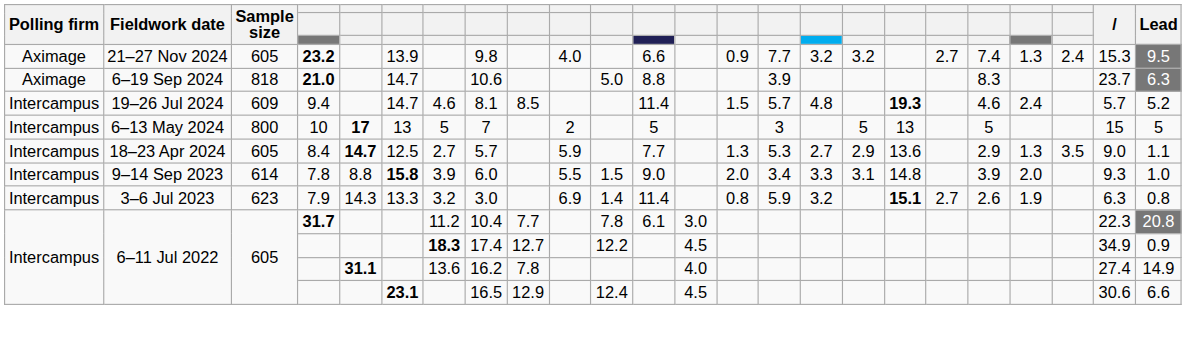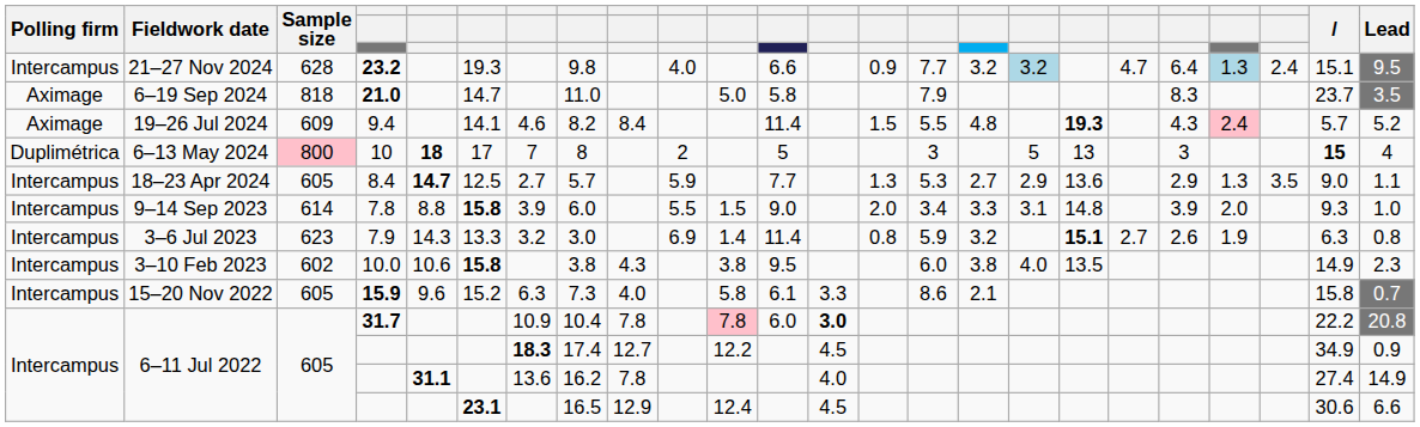 <table class="wikitable unsortable" style="text-align:center;font-size:90%;line-height:14px;">
 <tr>
 <th rowspan="3" style="width:80px;">Polling firm</th>
 <th rowspan="3">Fieldwork date</th>
 <th rowspan="3">Sample<br>size</th>
 <th></th>
 <th></th>
 <th></th>
 <th></th>
 <th></th>
 <th></th>
 <th></th>
 <th></th>
 <th></th>
 <th></th>
 <th></th>
 <th></th>
 <th></th>
 <th></th>
 <th></th>
 <th></th>
 <th></th>
 <th></th>
 <th></th>
 <th rowspan="3" class="unsortable" style="width:30px;">/<br></th>
 <th rowspan="3">Lead</th>
 </tr>
 <tr style="height:20px;">
 <th class="unsortable" style="width:30px;"></th>
 <th class="unsortable" style="width:30px;"></th>
 <th class="unsortable" style="width:30px;"></th>
 <th class="unsortable" style="width:30px;"></th>
 <th class="unsortable" style="width:30px;"></th>
 <th class="unsortable" style="width:30px;"></th>
 <th class="unsortable" style="width:30px;"></th>
 <th class="unsortable" style="width:30px;"></th>
 <th class="unsortable" style="width:30px;"></th>
 <th class="unsortable" style="width:30px;"></th>
 <th class="unsortable" style="width:30px;"></th>
 <th class="unsortable" style="width:30px;"></th>
 <th class="unsortable" style="width:30px;"></th>
 <th class="unsortable" style="width:30px;"></th>
 <th class="unsortable" style="width:30px;"></th>
 <th class="unsortable" style="width:30px;"></th>
 <th class="unsortable" style="width:30px;"></th>
 <th class="unsortable" style="width:30px;"></th>
 <th class="unsortable" style="width:30px;"></th>
 </tr>
 <tr>
 <th style="background:#777777;"></th>
 <th style="background:"></th>
 <th style="background:"></th>
 <th style="background:"></th>
 <th style="background:"></th>
 <th style="background:"></th>
 <th style="background:"></th>
 <th style="background:"></th>
 <th style="background:#202056;"></th>
 <th style="background:"></th>
 <th style="background:"></th>
 <th style="background:"></th>
 <th style="background:#00ADEF;"></th>
 <th style="background:"></th>
 <th style="background:"></th>
 <th style="background:"></th>
 <th style="background:"></th>
 <th style="background:#777777;"></th>
 <th style="background:"></th>
 </tr>
 <tr>
-<td>Aximage</td>
+<td>Intercampus</td>
 <td>21–27 Nov 2024</td>
-<td>605</td>
+<td>628</td>
 <td><strong>23.2</strong></td>
 <td></td>
-<td>13.9</td>
+<td>19.3</td>
 <td></td>
 <td>9.8</td>
 <td></td>
 <td>4.0</td>
 <td></td>
 <td>6.6</td>
 <td></td>
 <td>0.9</td>
 <td>7.7</td>
 <td>3.2</td>
-<td>3.2</td>
+<td style="background: lightblue;">3.2</td>
 <td></td>
-<td>2.7</td>
-<td>7.4</td>
-<td>1.3</td>
+<td>4.7</td>
+<td>6.4</td>
+<td style="background: lightblue;">1.3</td>
 <td>2.4</td>
-<td>15.3</td>
+<td>15.1</td>
 <td style="background:#777777; color:white;">9.5</td>
 </tr>
 <tr>
 <td>Aximage</td>
 <td>6–19 Sep 2024</td>
 <td>818</td>
 <td><strong>21.0</strong></td>
 <td></td>
 <td>14.7</td>
 <td></td>
-<td>10.6</td>
+<td>11.0</td>
 <td></td>
 <td></td>
 <td>5.0</td>
-<td>8.8</td>
+<td>5.8</td>
 <td></td>
 <td></td>
-<td>3.9</td>
+<td>7.9</td>
 <td></td>
 <td></td>
 <td></td>
 <td></td>
 <td>8.3</td>
 <td></td>
 <td></td>
 <td>23.7</td>
-<td style="background:#777777; color:white;">6.3</td>
+<td style="background:#777777; color:white;">3.5</td>
 </tr>
 <tr>
-<td>Intercampus</td>
+<td>Aximage</td>
 <td>19–26 Jul 2024</td>
 <td>609</td>
 <td>9.4</td>
 <td></td>
-<td>14.7</td>
+<td>14.1</td>
 <td>4.6</td>
-<td>8.1</td>
-<td>8.5</td>
+<td>8.2</td>
+<td>8.4</td>
 <td></td>
 <td></td>
 <td>11.4</td>
 <td></td>
 <td>1.5</td>
-<td>5.7</td>
+<td>5.5</td>
 <td>4.8</td>
 <td></td>
 <td><strong>19.3</strong></td>
 <td></td>
-<td>4.6</td>
-<td>2.4</td>
+<td>4.3</td>
+<td style="background: pink;">2.4</td>
 <td></td>
 <td>5.7<br></td>
 <td style="background:">5.2</td>
 </tr>
 <tr>
-<td>Intercampus</td>
+<td>Duplimétrica</td>
 <td>6–13 May 2024</td>
-<td>800</td>
+<td style="background: pink;">800</td>
 <td>10</td>
-<td><strong>17</strong></td>
-<td>13</td>
-<td>5</td>
+<td><strong>18</strong></td>
+<td>17</td>
 <td>7</td>
+<td>8</td>
 <td></td>
 <td>2</td>
 <td></td>
 <td>5</td>
 <td></td>
 <td></td>
 <td>3</td>
 <td></td>
 <td>5</td>
 <td>13</td>
 <td></td>
-<td>5</td>
+<td>3</td>
 <td></td>
 <td></td>
-<td>15</td>
-<td style="background:">5</td>
+<td><strong>15</strong></td>
+<td style="background:">4</td>
 </tr>
 <tr>
 <td>Intercampus</td>
 <td>18–23 Apr 2024</td>
 <td>605</td>
 <td>8.4</td>
 <td><strong>14.7</strong></td>
 <td>12.5</td>
 <td>2.7</td>
 <td>5.7</td>
 <td></td>
 <td>5.9</td>
 <td></td>
 <td>7.7</td>
 <td></td>
 <td>1.3</td>
 <td>5.3</td>
 <td>2.7</td>
 <td>2.9</td>
 <td>13.6</td>
 <td></td>
 <td>2.9</td>
 <td>1.3</td>
 <td>3.5</td>
 <td>9.0</td>
 <td style="background:">1.1</td>
 </tr>
 <tr>
 <td>Intercampus</td>
 <td>9–14 Sep 2023</td>
 <td>614</td>
 <td>7.8</td>
 <td>8.8</td>
 <td><strong>15.8</strong></td>
 <td>3.9</td>
 <td>6.0</td>
 <td></td>
 <td>5.5</td>
 <td>1.5</td>
 <td>9.0</td>
 <td></td>
 <td>2.0</td>
 <td>3.4</td>
 <td>3.3</td>
 <td>3.1</td>
 <td>14.8</td>
 <td></td>
 <td>3.9</td>
 <td>2.0</td>
 <td></td>
 <td>9.3</td>
 <td style="background:">1.0</td>
 </tr>
 <tr>
 <td>Intercampus</td>
 <td>3–6 Jul 2023</td>
 <td>623</td>
 <td>7.9</td>
 <td>14.3</td>
 <td>13.3</td>
 <td>3.2</td>
 <td>3.0</td>
 <td></td>
 <td>6.9</td>
 <td>1.4</td>
 <td>11.4</td>
 <td></td>
 <td>0.8</td>
 <td>5.9</td>
 <td>3.2</td>
 <td></td>
 <td><strong>15.1</strong></td>
 <td>2.7</td>
 <td>2.6</td>
 <td>1.9</td>
 <td></td>
 <td>6.3</td>
 <td style="background:">0.8</td>
 </tr>
 <tr>
+<td>Intercampus</td>
+<td>3–10 Feb 2023</td>
+<td>602</td>
+<td>10.0</td>
+<td>10.6</td>
+<td><strong>15.8</strong></td>
+<td></td>
+<td>3.8</td>
+<td>4.3</td>
+<td></td>
+<td>3.8</td>
+<td>9.5</td>
+<td></td>
+<td></td>
+<td>6.0</td>
+<td>3.8</td>
+<td>4.0</td>
+<td>13.5</td>
+<td></td>
+<td></td>
+<td></td>
+<td></td>
+<td>14.9<br></td>
+<td style="background:">2.3</td>
+</tr>
+<tr>
+<td>Intercampus<br></td>
+<td>15–20 Nov 2022</td>
+<td>605</td>
+<td><strong>15.9</strong></td>
+<td>9.6</td>
+<td>15.2</td>
+<td>6.3</td>
+<td>7.3</td>
+<td>4.0</td>
+<td></td>
+<td>5.8</td>
+<td>6.1</td>
+<td>3.3</td>
+<td></td>
+<td>8.6</td>
+<td>2.1</td>
+<td></td>
+<td></td>
+<td></td>
+<td></td>
+<td></td>
+<td></td>
+<td>15.8</td>
+<td style="background:#777777; color:white;">0.7</td>
+</tr>
+<tr>
 <td rowspan="4">Intercampus</td>
 <td rowspan="4">6–11 Jul 2022</td>
 <td rowspan="4">605</td>
 <td><strong>31.7</strong></td>
 <td></td>
 <td></td>
-<td>11.2</td>
+<td>10.9</td>
 <td>10.4</td>
-<td>7.7</td>
+<td>7.8</td>
 <td></td>
-<td>7.8</td>
-<td>6.1</td>
-<td>3.0</td>
+<td style="background: pink;">7.8</td>
+<td>6.0</td>
+<td><strong>3.0</strong></td>
 <td></td>
 <td></td>
 <td></td>
 <td></td>
 <td></td>
 <td></td>
 <td></td>
 <td></td>
 <td></td>
-<td>22.3</td>
+<td>22.2</td>
 <td style="background:#777777; color:white;">20.8</td>
 </tr>
 <tr>
 <td></td>
 <td></td>
 <td></td>
 <td><strong>18.3</strong></td>
 <td>17.4</td>
 <td>12.7</td>
 <td></td>
 <td>12.2</td>
 <td></td>
 <td>4.5</td>
 <td></td>
 <td></td>
 <td></td>
 <td></td>
 <td></td>
 <td></td>
 <td></td>
 <td></td>
 <td></td>
 <td>34.9</td>
 <td style="background:">0.9</td>
 </tr>
 <tr>
 <td></td>
 <td><strong>31.1</strong></td>
 <td></td>
 <td>13.6</td>
 <td>16.2</td>
 <td>7.8</td>
 <td></td>
 <td></td>
 <td></td>
 <td>4.0</td>
 <td></td>
 <td></td>
 <td></td>
 <td></td>
 <td></td>
 <td></td>
 <td></td>
 <td></td>
 <td></td>
 <td>27.4</td>
 <td style="background:">14.9</td>
 </tr>
 <tr>
 <td></td>
 <td></td>
 <td><strong>23.1</strong></td>
 <td></td>
 <td>16.5</td>
 <td>12.9</td>
 <td></td>
 <td>12.4</td>
 <td></td>
 <td>4.5</td>
 <td></td>
 <td></td>
 <td></td>
 <td></td>
 <td></td>
 <td></td>
 <td></td>
 <td></td>
 <td></td>
 <td>30.6</td>
 <td style="background:">6.6</td>
 </tr>
 </table>
